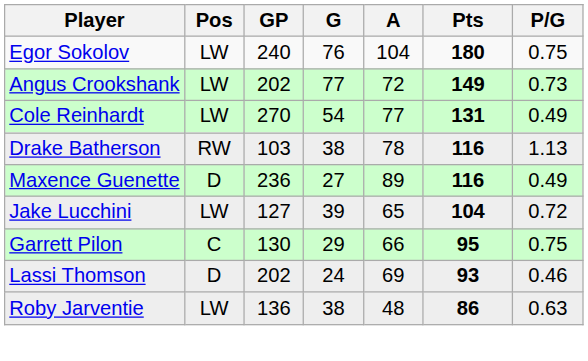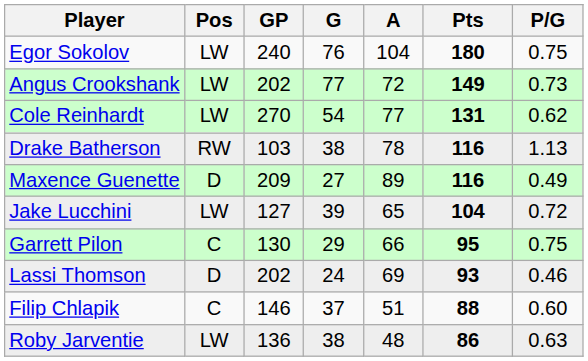 <table class="wikitable">
 <tr>
 <th>Player</th>
 <th style="width:40px;" class="unsortable">Pos</th>
 <th style="width:40px;">GP</th>
 <th style="width:40px;">G</th>
 <th style="width:40px;">A</th>
 <th style="width:4em;">Pts</th>
 <th style="width:3em;">P/G</th>
 </tr>
 <tr align="center"  style="background:">
 <td style="text-align:left;"><a href='#'>Egor Sokolov</a></td>
 <td>LW</td>
 <td>240</td>
 <td>76</td>
 <td>104</td>
 <td><strong>180</strong></td>
 <td>0.75</td>
 </tr>
 <tr align="center"  style="background:#cfc;">
 <td style="text-align:left;"><a href='#'>Angus Crookshank</a></td>
 <td>LW</td>
 <td>202</td>
 <td>77</td>
 <td>72</td>
 <td><strong>149</strong></td>
 <td>0.73</td>
 </tr>
 <tr align="center"  style="background:#cfc;">
 <td style="text-align:left;"><a href='#'>Cole Reinhardt</a></td>
 <td>LW</td>
 <td>270</td>
 <td>54</td>
 <td>77</td>
 <td><strong>131</strong></td>
-<td>0.49</td>
+<td>0.62</td>
 </tr>
 <tr style="text-align:center;background:#eee;">
 <td style="text-align:left;"><a href='#'>Drake Batherson</a></td>
 <td>RW</td>
 <td>103</td>
 <td>38</td>
 <td>78</td>
 <td><strong>116</strong></td>
 <td>1.13</td>
 </tr>
 <tr align="center"  style="background:#cfc;">
 <td style="text-align:left;"><a href='#'>Maxence Guenette</a></td>
 <td>D</td>
-<td>236</td>
+<td>209</td>
 <td>27</td>
 <td>89</td>
 <td><strong>116</strong></td>
 <td>0.49</td>
 </tr>
 <tr style="text-align:center;background:#eee;">
 <td style="text-align:left;"><a href='#'>Jake Lucchini</a></td>
 <td>LW</td>
 <td>127</td>
 <td>39</td>
 <td>65</td>
 <td><strong>104</strong></td>
 <td>0.72</td>
 </tr>
 <tr align="center"  style="background:#cfc;">
 <td style="text-align:left;"><a href='#'>Garrett Pilon</a></td>
 <td>C</td>
 <td>130</td>
 <td>29</td>
 <td>66</td>
 <td><strong>95</strong></td>
 <td>0.75</td>
 </tr>
 <tr align="center"  style="background:#eee;">
 <td style="text-align:left;"><a href='#'>Lassi Thomson</a></td>
 <td>D</td>
 <td>202</td>
 <td>24</td>
 <td>69</td>
 <td><strong>93</strong></td>
 <td>0.46</td>
 </tr>
+<tr style="text-align:center;background:">
+<td style="text-align:left;"><a href='#'>Filip Chlapik</a></td>
+<td>C</td>
+<td>146</td>
+<td>37</td>
+<td>51</td>
+<td><strong>88</strong></td>
+<td>0.60</td>
+</tr>
 <tr align="center"  style="background:#eee;">
 <td style="text-align:left;"><a href='#'>Roby Jarventie</a></td>
 <td>LW</td>
 <td>136</td>
 <td>38</td>
 <td>48</td>
 <td><strong>86</strong></td>
 <td>0.63</td>
 </tr>
 </table>
